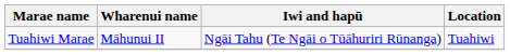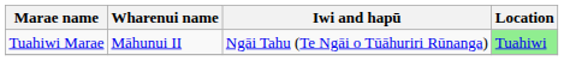 <table class="wikitable sortable">
 <tr>
 <th>Marae name</th>
 <th>Wharenui name</th>
 <th>Iwi and hapū</th>
 <th>Location</th>
 </tr>
 <tr>
 <td><a href='#'>Tuahiwi Marae</a></td>
 <td><a href='#'>Māhunui II</a></td>
 <td><a href='#'>Ngāi Tahu</a> (<a href='#'>Te Ngāi o Tūāhuriri Rūnanga</a>)</td>
-<td><a href='#'>Tuahiwi</a></td>
+<td style="background: lightgreen;"><a href='#'>Tuahiwi</a></td>
 </tr>
 <tr>
 </tr>
 </table>
